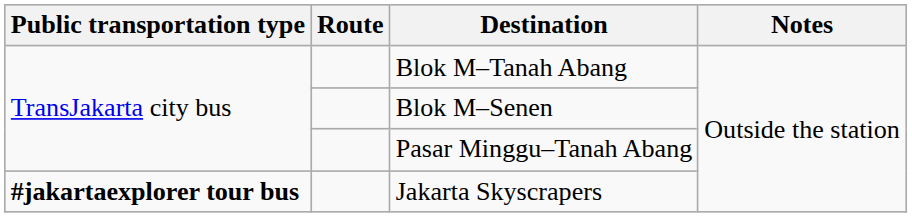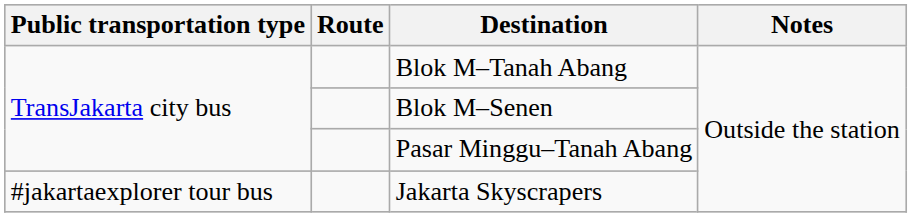 <table class="wikitable">
 <tr>
 <th>Public transportation type</th>
 <th>Route</th>
 <th>Destination</th>
 <th>Notes</th>
 </tr>
 <tr>
 <td rowspan="3"><a href='#'>TransJakarta</a> city bus</td>
 <td></td>
 <td>Blok M–Tanah Abang</td>
 <td rowspan="4">Outside the station</td>
 </tr>
 <tr>
 <td></td>
 <td>Blok M–Senen</td>
 </tr>
 <tr>
 <td></td>
 <td>Pasar Minggu–Tanah Abang</td>
 </tr>
 <tr>
-<td><strong>#jakartaexplorer tour bus</strong></td>
+<td>#jakartaexplorer tour bus</td>
 <td></td>
 <td>Jakarta Skyscrapers </td>
 </tr>
 </table>
